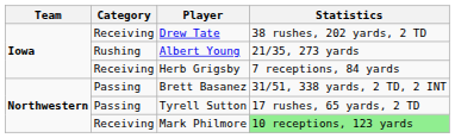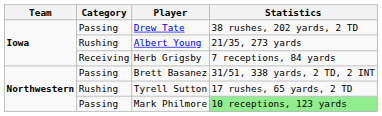 <table class="wikitable" style="float: left;">
 <tr>
 <th>Team</th>
 <th>Category</th>
 <th>Player</th>
 <th>Statistics</th>
 </tr>
 <tr>
 <td rowspan=3><strong>Iowa</strong></td>
-<td>Receiving</td>
+<td>Passing</td>
 <td><a href='#'>Drew Tate</a></td>
 <td>38 rushes, 202 yards, 2 TD</td>
 </tr>
 <tr>
 <td>Rushing</td>
 <td><a href='#'>Albert Young</a></td>
 <td>21/35, 273 yards</td>
 </tr>
 <tr>
 <td>Receiving</td>
 <td>Herb Grigsby</td>
 <td>7 receptions, 84 yards</td>
 </tr>
 <tr>
 <td rowspan=3><strong>Northwestern</strong></td>
 <td>Passing</td>
 <td>Brett Basanez</td>
 <td>31/51, 338 yards, 2 TD, 2 INT</td>
 </tr>
 <tr>
-<td>Passing</td>
+<td>Rushing</td>
 <td>Tyrell Sutton</td>
 <td>17 rushes, 65 yards, 2 TD</td>
 </tr>
 <tr>
-<td>Receiving</td>
+<td>Passing</td>
 <td>Mark Philmore</td>
 <td style="background: lightgreen;">10 receptions, 123 yards</td>
 </tr>
 </table>
